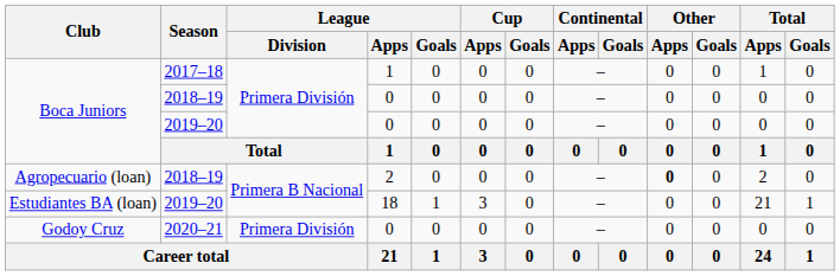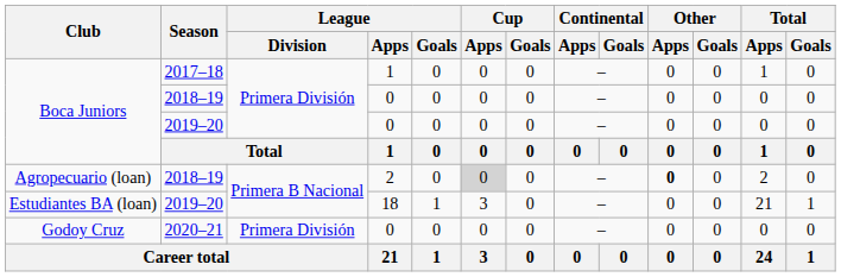 <table class="wikitable" style="text-align: center">
 <tr>
 <th rowspan="2">Club</th>
 <th rowspan="2">Season</th>
 <th colspan="3">League</th>
 <th colspan="2">Cup</th>
 <th colspan="2">Continental</th>
 <th colspan="2">Other</th>
 <th colspan="2">Total</th>
 </tr>
 <tr>
 <th>Division</th>
 <th>Apps</th>
 <th>Goals</th>
 <th>Apps</th>
 <th>Goals</th>
 <th>Apps</th>
 <th>Goals</th>
 <th>Apps</th>
 <th>Goals</th>
 <th>Apps</th>
 <th>Goals</th>
 </tr>
 <tr>
 <td rowspan="4"><a href='#'>Boca Juniors</a></td>
 <td><a href='#'>2017–18</a></td>
 <td rowspan="3"><a href='#'>Primera División</a></td>
 <td>1</td>
 <td>0</td>
 <td>0</td>
 <td>0</td>
 <td colspan="2">–</td>
 <td>0</td>
 <td>0</td>
 <td>1</td>
 <td>0</td>
 </tr>
 <tr>
 <td><a href='#'>2018–19</a></td>
 <td>0</td>
 <td>0</td>
 <td>0</td>
 <td>0</td>
 <td colspan="2">–</td>
 <td>0</td>
 <td>0</td>
 <td>0</td>
 <td>0</td>
 </tr>
 <tr>
 <td><a href='#'>2019–20</a></td>
 <td>0</td>
 <td>0</td>
 <td>0</td>
 <td>0</td>
 <td colspan="2">–</td>
 <td>0</td>
 <td>0</td>
 <td>0</td>
 <td>0</td>
 </tr>
 <tr>
 <th colspan=2>Total</th>
 <th>1</th>
 <th>0</th>
 <th>0</th>
 <th>0</th>
 <th>0</th>
 <th>0</th>
 <th>0</th>
 <th>0</th>
 <th>1</th>
 <th>0</th>
 </tr>
 <tr>
 <td><a href='#'>Agropecuario</a> (loan)</td>
 <td><a href='#'>2018–19</a></td>
 <td rowspan="2"><a href='#'>Primera B Nacional</a></td>
 <td>2</td>
 <td>0</td>
-<td>0</td>
+<td style="background: lightgrey;">0</td>
 <td>0</td>
 <td colspan="2">–</td>
 <td><strong>0</strong></td>
 <td>0</td>
 <td>2</td>
 <td>0</td>
 </tr>
 <tr>
 <td><a href='#'>Estudiantes BA</a> (loan)</td>
 <td><a href='#'>2019–20</a></td>
 <td>18</td>
 <td>1</td>
 <td>3</td>
 <td>0</td>
 <td colspan="2">–</td>
 <td>0</td>
 <td>0</td>
 <td>21</td>
 <td>1</td>
 </tr>
 <tr>
 <td><a href='#'>Godoy Cruz</a></td>
 <td><a href='#'>2020–21</a></td>
 <td><a href='#'>Primera División</a></td>
 <td>0</td>
 <td>0</td>
 <td>0</td>
 <td>0</td>
 <td colspan="2">–</td>
 <td>0</td>
 <td>0</td>
 <td>0</td>
 <td>0</td>
 </tr>
 <tr>
 <th colspan=3>Career total</th>
 <th>21</th>
 <th>1</th>
 <th>3</th>
 <th>0</th>
 <th>0</th>
 <th>0</th>
 <th>0</th>
 <th>0</th>
 <th>24</th>
 <th>1</th>
 </tr>
 </table>
